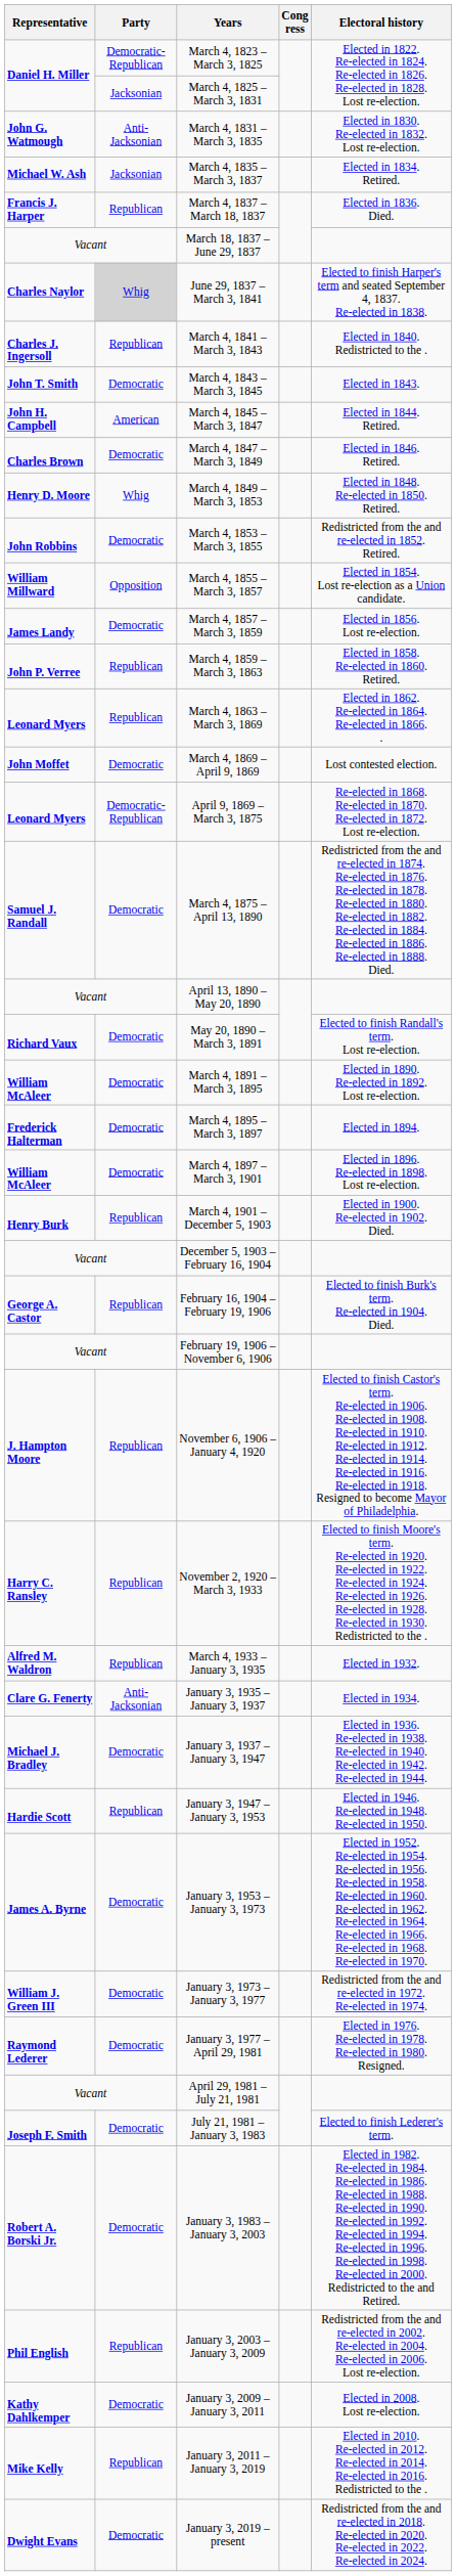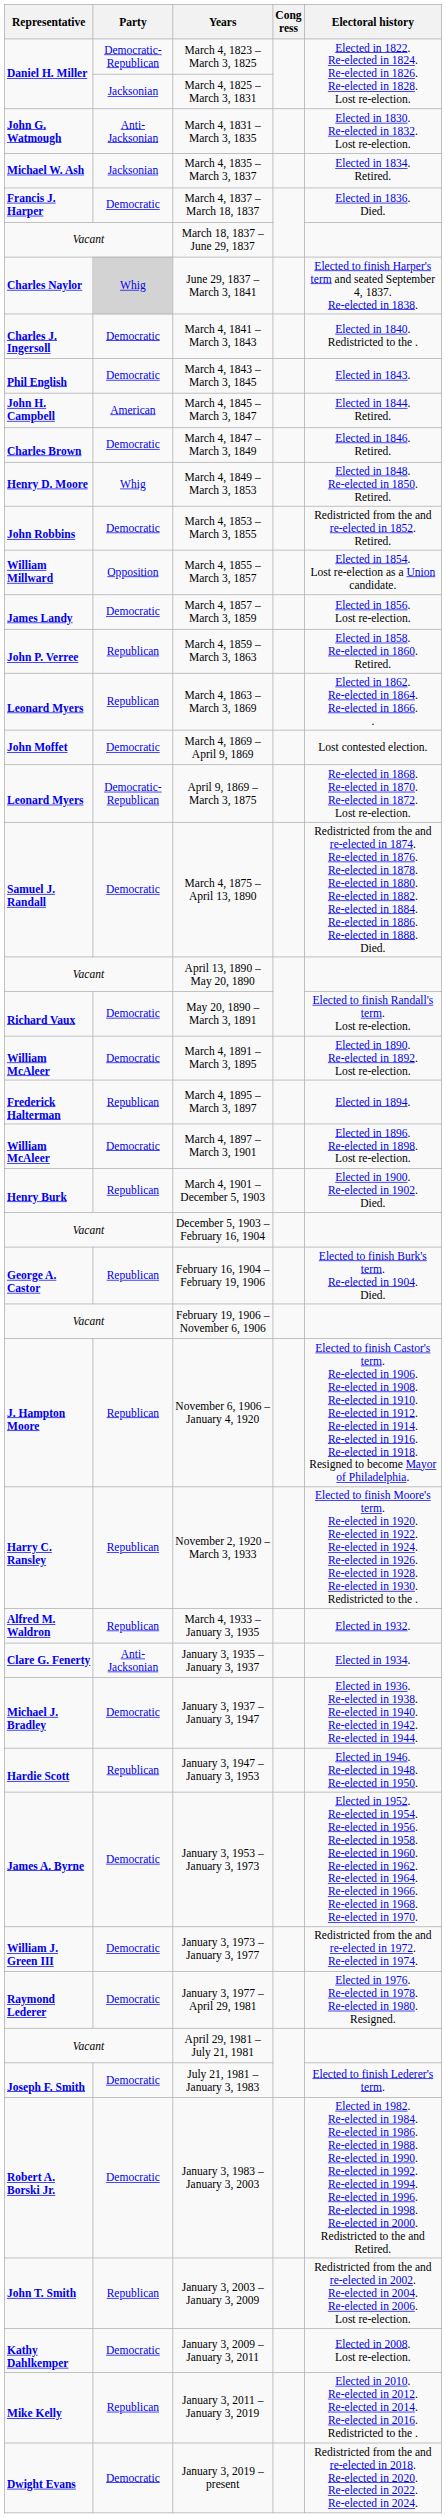 <table class=wikitable style="text-align:center">
 <tr style="height:3em">
 <th>Representative</th>
 <th>Party</th>
 <th>Years</th>
 <th>Cong<br>ress</th>
 <th>Electoral history</th>
 </tr>
 <tr style="height:3em">
 <td rowspan=2 align=left><strong><a href='#'>Daniel H. Miller</a></strong><br></td>
 <td><a href='#'>Democratic-Republican</a></td>
 <td nowrap>March 4, 1823 –<br>March 3, 1825</td>
 <td rowspan=2></td>
 <td rowspan=2><a href='#'>Elected in 1822</a>.<br><a href='#'>Re-elected in 1824</a>.<br><a href='#'>Re-elected in 1826</a>.<br><a href='#'>Re-elected in 1828</a>.<br>Lost re-election.</td>
 </tr>
 <tr style="height:3em">
 <td><a href='#'>Jacksonian</a></td>
 <td nowrap>March 4, 1825 –<br>March 3, 1831</td>
 </tr>
 <tr style="height:3em">
 <td align=left><strong><a href='#'>John G. Watmough</a></strong><br></td>
 <td><a href='#'>Anti-Jacksonian</a></td>
 <td nowrap>March 4, 1831 –<br>March 3, 1835</td>
 <td></td>
 <td><a href='#'>Elected in 1830</a>.<br><a href='#'>Re-elected in 1832</a>.<br>Lost re-election.</td>
 </tr>
 <tr style="height:3em">
 <td align=left><strong><a href='#'>Michael W. Ash</a></strong><br></td>
 <td><a href='#'>Jacksonian</a></td>
 <td nowrap>March 4, 1835 –<br>March 3, 1837</td>
 <td></td>
 <td><a href='#'>Elected in 1834</a>.<br>Retired.</td>
 </tr>
 <tr style="height:3em">
 <td align=left><strong><a href='#'>Francis J. Harper</a></strong><br></td>
-<td><a href='#'>Republican</a></td>
+<td><a href='#'>Democratic</a></td>
 <td nowrap>March 4, 1837 –<br>March 18, 1837</td>
 <td rowspan=2></td>
 <td><a href='#'>Elected in 1836</a>.<br>Died.</td>
 </tr>
 <tr style="height:3em">
 <td colspan=2><em>Vacant</em></td>
 <td nowrap>March 18, 1837 –<br>June 29, 1837</td>
 <td></td>
 </tr>
 <tr style="height:3em">
 <td align=left><strong><a href='#'>Charles Naylor</a></strong><br></td>
 <td style="background: lightgrey;"><a href='#'>Whig</a></td>
 <td nowrap>June 29, 1837 –<br>March 3, 1841</td>
 <td></td>
 <td><a href='#'>Elected to finish Harper's term</a> and seated September 4, 1837.<br><a href='#'>Re-elected in 1838</a>.<br></td>
 </tr>
 <tr style="height:3em">
 <td align=left><br><strong><a href='#'>Charles J. Ingersoll</a></strong><br></td>
-<td><a href='#'>Republican</a></td>
+<td><a href='#'>Democratic</a></td>
 <td nowrap>March 4, 1841 –<br>March 3, 1843</td>
 <td></td>
 <td><a href='#'>Elected in 1840</a>.<br>Redistricted to the .</td>
 </tr>
 <tr style="height:3em">
-<td align=left><strong><a href='#'>John T. Smith</a></strong><br></td>
+<td align=left><br><strong><a href='#'>Phil English</a></strong><br></td>
 <td><a href='#'>Democratic</a></td>
 <td nowrap>March 4, 1843 –<br>March 3, 1845</td>
 <td></td>
 <td><a href='#'>Elected in 1843</a>.<br></td>
 </tr>
 <tr style="height:3em">
 <td align=left><strong><a href='#'>John H. Campbell</a></strong><br></td>
 <td><a href='#'>American</a></td>
 <td nowrap>March 4, 1845 –<br>March 3, 1847</td>
 <td></td>
 <td><a href='#'>Elected in 1844</a>.<br>Retired.</td>
 </tr>
 <tr style="height:3em">
 <td align=left><br> <strong><a href='#'>Charles Brown</a></strong><br></td>
 <td><a href='#'>Democratic</a></td>
 <td nowrap>March 4, 1847 –<br>March 3, 1849</td>
 <td></td>
 <td><a href='#'>Elected in 1846</a>.<br>Retired.</td>
 </tr>
 <tr style="height:3em">
 <td align=left><strong><a href='#'>Henry D. Moore</a></strong><br></td>
 <td><a href='#'>Whig</a></td>
 <td nowrap>March 4, 1849 –<br>March 3, 1853</td>
 <td></td>
 <td><a href='#'>Elected in 1848</a>.<br><a href='#'>Re-elected in 1850</a>.<br>Retired.</td>
 </tr>
 <tr style="height:3em">
 <td align=left><br><strong><a href='#'>John Robbins</a></strong><br></td>
 <td><a href='#'>Democratic</a></td>
 <td nowrap>March 4, 1853 –<br>March 3, 1855</td>
 <td></td>
 <td>Redistricted from the  and <a href='#'>re-elected in 1852</a>.<br>Retired.</td>
 </tr>
 <tr style="height:3em">
 <td align=left><strong><a href='#'>William Millward</a></strong><br></td>
 <td><a href='#'>Opposition</a></td>
 <td nowrap>March 4, 1855 –<br>March 3, 1857</td>
 <td></td>
 <td><a href='#'>Elected in 1854</a>.<br>Lost re-election as a <a href='#'>Union</a> candidate.</td>
 </tr>
 <tr style="height:3em">
 <td align=left><br><strong><a href='#'>James Landy</a></strong><br></td>
 <td><a href='#'>Democratic</a></td>
 <td nowrap>March 4, 1857 –<br>March 3, 1859</td>
 <td></td>
 <td><a href='#'>Elected in 1856</a>.<br>Lost re-election.</td>
 </tr>
 <tr style="height:3em">
 <td align=left><br><strong><a href='#'>John P. Verree</a></strong><br></td>
 <td><a href='#'>Republican</a></td>
 <td nowrap>March 4, 1859 –<br>March 3, 1863</td>
 <td></td>
 <td><a href='#'>Elected in 1858</a>.<br><a href='#'>Re-elected in 1860</a>.<br>Retired.</td>
 </tr>
 <tr style="height:3em">
 <td align=left><br><strong><a href='#'>Leonard Myers</a></strong><br></td>
 <td><a href='#'>Republican</a></td>
 <td nowrap>March 4, 1863 –<br>March 3, 1869</td>
 <td></td>
 <td><a href='#'>Elected in 1862</a>.<br><a href='#'>Re-elected in 1864</a>.<br><a href='#'>Re-elected in 1866</a>.<br>.</td>
 </tr>
 <tr style="height:3em">
 <td align=left><strong><a href='#'>John Moffet</a></strong><br></td>
 <td><a href='#'>Democratic</a></td>
 <td nowrap>March 4, 1869 –<br>April 9, 1869</td>
 <td></td>
 <td>Lost contested election.</td>
 </tr>
 <tr style="height:3em">
 <td align=left><br><strong><a href='#'>Leonard Myers</a></strong><br></td>
 <td><a href='#'>Democratic-Republican</a></td>
 <td nowrap>April 9, 1869 –<br>March 3, 1875</td>
 <td></td>
 <td><a href='#'>Re-elected in 1868</a>.<br><a href='#'>Re-elected in 1870</a>.<br><a href='#'>Re-elected in 1872</a>.<br>Lost re-election.</td>
 </tr>
 <tr style="height:3em">
 <td align=left><br><strong><a href='#'>Samuel J. Randall</a></strong><br></td>
 <td><a href='#'>Democratic</a></td>
 <td nowrap>March 4, 1875 –<br>April 13, 1890</td>
 <td></td>
 <td>Redistricted from the  and <a href='#'>re-elected in 1874</a>.<br><a href='#'>Re-elected in 1876</a>.<br><a href='#'>  Re-elected in 1878</a>.<br><a href='#'>Re-elected in 1880</a>.<br><a href='#'>Re-elected in 1882</a>.<br><a href='#'>Re-elected in 1884</a>.<br><a href='#'>Re-elected in 1886</a>.<br><a href='#'>Re-elected in 1888</a>.<br>Died.</td>
 </tr>
 <tr style="height:3em">
 <td colspan=2><em>Vacant</em></td>
 <td nowrap>April 13, 1890 –<br>May 20, 1890</td>
 <td rowspan=2></td>
 <td></td>
 </tr>
 <tr style="height:3em">
 <td align=left><br><strong><a href='#'>Richard Vaux</a></strong><br></td>
 <td><a href='#'>Democratic</a></td>
 <td nowrap>May 20, 1890 –<br>March 3, 1891</td>
 <td><a href='#'>Elected to finish Randall's term</a>.<br>Lost re-election.</td>
 </tr>
 <tr style="height:3em">
 <td align=left><br><strong><a href='#'>William McAleer</a></strong><br></td>
 <td><a href='#'>Democratic</a></td>
 <td nowrap>March 4, 1891 –<br>March 3, 1895</td>
 <td></td>
 <td><a href='#'>Elected in 1890</a>.<br><a href='#'>Re-elected in 1892</a>.<br>Lost re-election.</td>
 </tr>
 <tr style="height:3em">
 <td align=left><br><strong><a href='#'>Frederick Halterman</a></strong><br></td>
-<td><a href='#'>Democratic</a></td>
+<td><a href='#'>Republican</a></td>
 <td nowrap>March 4, 1895 –<br>March 3, 1897</td>
 <td></td>
 <td><a href='#'>Elected in 1894</a>.<br></td>
 </tr>
 <tr style="height:3em">
 <td align=left><br><strong><a href='#'>William McAleer</a></strong><br></td>
 <td><a href='#'>Democratic</a></td>
 <td nowrap>March 4, 1897 –<br>March 3, 1901</td>
 <td></td>
 <td><a href='#'>Elected in 1896</a>.<br><a href='#'>Re-elected in 1898</a>.<br>Lost re-election.</td>
 </tr>
 <tr style="height:3em">
 <td align=left><br><strong><a href='#'>Henry Burk</a></strong><br></td>
 <td><a href='#'>Republican</a></td>
 <td nowrap>March 4, 1901 –<br>December 5, 1903</td>
 <td></td>
 <td><a href='#'>Elected in 1900</a>.<br><a href='#'>Re-elected in 1902</a>.<br>Died.</td>
 </tr>
 <tr style="height:3em">
 <td colspan=2><em>Vacant</em></td>
 <td nowrap>December 5, 1903 –<br>February 16, 1904</td>
 <td></td>
 <td></td>
 </tr>
 <tr style="height:3em">
 <td align=left><br><strong><a href='#'>George A. Castor</a></strong><br></td>
 <td><a href='#'>Republican</a></td>
 <td nowrap>February 16, 1904 –<br>February 19, 1906</td>
 <td></td>
 <td><a href='#'>Elected to finish Burk's term</a>.<br><a href='#'>Re-elected in 1904</a>.<br>Died.</td>
 </tr>
 <tr style="height:3em">
 <td colspan=2><em>Vacant</em></td>
 <td nowrap>February 19, 1906 –<br>November 6, 1906</td>
 <td></td>
 <td></td>
 </tr>
 <tr style="height:3em">
 <td align=left><br><strong><a href='#'>J. Hampton Moore</a></strong><br></td>
 <td><a href='#'>Republican</a></td>
 <td nowrap>November 6, 1906 –<br>January 4, 1920</td>
 <td></td>
 <td><a href='#'>Elected to finish Castor's term</a>.<br><a href='#'>Re-elected in 1906</a>.<br><a href='#'>Re-elected in 1908</a>.<br><a href='#'>Re-elected in 1910</a>.<br><a href='#'>Re-elected in 1912</a>.<br><a href='#'>Re-elected in 1914</a>.<br><a href='#'>Re-elected in 1916</a>.<br><a href='#'>Re-elected in 1918</a>.<br>Resigned to become <a href='#'>Mayor of Philadelphia</a>.</td>
 </tr>
 <tr style="height:3em">
 <td align=left><br><strong><a href='#'>Harry C. Ransley</a></strong><br></td>
 <td><a href='#'>Republican</a></td>
 <td nowrap>November 2, 1920 –<br>March 3, 1933</td>
 <td></td>
 <td><a href='#'>Elected to finish Moore's term</a>.<br><a href='#'>Re-elected in 1920</a>.<br><a href='#'>Re-elected in 1922</a>.<br><a href='#'>Re-elected in 1924</a>.<br><a href='#'>Re-elected in 1926</a>.<br><a href='#'>Re-elected in 1928</a>.<br><a href='#'>Re-elected in 1930</a>.<br>Redistricted to the .</td>
 </tr>
 <tr style="height:3em">
 <td align=left><strong><a href='#'>Alfred M. Waldron</a></strong><br></td>
 <td><a href='#'>Republican</a></td>
 <td nowrap>March 4, 1933 –<br>January 3, 1935</td>
 <td></td>
 <td><a href='#'>Elected in 1932</a>.<br></td>
 </tr>
 <tr style="height:3em">
 <td align=left><strong><a href='#'>Clare G. Fenerty</a></strong><br></td>
 <td><a href='#'>Anti-Jacksonian</a></td>
 <td nowrap>January 3, 1935 –<br>January 3, 1937</td>
 <td></td>
 <td><a href='#'>Elected in 1934</a>.<br></td>
 </tr>
 <tr style="height:3em">
 <td align=left><br><strong><a href='#'>Michael J. Bradley</a></strong><br></td>
 <td><a href='#'>Democratic</a></td>
 <td nowrap>January 3, 1937 –<br>January 3, 1947</td>
 <td></td>
 <td><a href='#'>Elected in 1936</a>.<br><a href='#'>Re-elected in 1938</a>.<br><a href='#'>Re-elected in 1940</a>.<br><a href='#'>  Re-elected in 1942</a>.<br><a href='#'>Re-elected in 1944</a>.<br></td>
 </tr>
 <tr style="height:3em">
 <td align=left><br><strong><a href='#'>Hardie Scott</a></strong><br></td>
 <td><a href='#'>Republican</a></td>
 <td nowrap>January 3, 1947 –<br>January 3, 1953</td>
 <td></td>
 <td><a href='#'>Elected in 1946</a>.<br><a href='#'>Re-elected in 1948</a>.<br><a href='#'>Re-elected in 1950</a>.<br></td>
 </tr>
 <tr style="height:3em">
 <td align=left><br><strong><a href='#'>James A. Byrne</a></strong><br></td>
 <td><a href='#'>Democratic</a></td>
 <td nowrap>January 3, 1953 –<br>January 3, 1973</td>
 <td></td>
 <td><a href='#'>Elected in 1952</a>.<br><a href='#'>Re-elected in 1954</a>.<br><a href='#'>Re-elected in 1956</a>.<br><a href='#'>Re-elected in 1958</a>.<br><a href='#'>Re-elected in 1960</a>.<br><a href='#'>Re-elected in 1962</a>.<br><a href='#'>Re-elected in 1964</a>.<br><a href='#'>Re-elected in 1966</a>.<br><a href='#'>Re-elected in 1968</a>.<br><a href='#'>Re-elected in 1970</a>.<br></td>
 </tr>
 <tr style="height:3em">
 <td align=left><br><strong><a href='#'>William J. Green III</a></strong><br></td>
 <td><a href='#'>Democratic</a></td>
 <td nowrap>January 3, 1973 –<br>January 3, 1977</td>
 <td></td>
 <td>Redistricted from the  and <a href='#'>re-elected in 1972</a>.<br><a href='#'>Re-elected in 1974</a>.<br></td>
 </tr>
 <tr style="height:3em">
 <td align=left><br><strong><a href='#'>Raymond Lederer</a></strong><br></td>
 <td><a href='#'>Democratic</a></td>
 <td nowrap>January 3, 1977 –<br>April 29, 1981</td>
 <td></td>
 <td><a href='#'>Elected in 1976</a>.<br><a href='#'>Re-elected in 1978</a>.<br><a href='#'>Re-elected in 1980</a>.<br>Resigned.</td>
 </tr>
 <tr style="height:3em">
 <td colspan=2><em>Vacant</em></td>
 <td nowrap>April 29, 1981 –<br>July 21, 1981</td>
 <td rowspan=2></td>
 <td></td>
 </tr>
 <tr style="height:3em">
 <td align=left> <br><strong><a href='#'>Joseph F. Smith</a></strong><br></td>
 <td><a href='#'>Democratic</a></td>
 <td nowrap>July 21, 1981 –<br>January 3, 1983</td>
 <td><a href='#'>Elected to finish Lederer's term</a>.<br></td>
 </tr>
 <tr style="height:3em">
 <td align=left><br><strong><a href='#'>Robert A. Borski Jr.</a></strong><br></td>
 <td><a href='#'>Democratic</a></td>
 <td nowrap>January 3, 1983 –<br>January 3, 2003</td>
 <td></td>
 <td><a href='#'>Elected in 1982</a>.<br><a href='#'>Re-elected in 1984</a>.<br><a href='#'>Re-elected in 1986</a>.<br><a href='#'>Re-elected in 1988</a>.<br><a href='#'>Re-elected in 1990</a>.<br><a href='#'>Re-elected in 1992</a>.<br><a href='#'>Re-elected in 1994</a>.<br><a href='#'>Re-elected in 1996</a>.<br><a href='#'>Re-elected in 1998</a>.<br><a href='#'>Re-elected in 2000</a>.<br>Redistricted to the  and Retired.</td>
 </tr>
 <tr style="height:3em">
-<td align=left><br><strong><a href='#'>Phil English</a></strong><br></td>
+<td align=left><strong><a href='#'>John T. Smith</a></strong><br></td>
 <td><a href='#'>Republican</a></td>
 <td nowrap>January 3, 2003 –<br>January 3, 2009</td>
 <td></td>
 <td>Redistricted from the  and <a href='#'>re-elected in 2002</a>.<br><a href='#'>Re-elected in 2004</a>.<br><a href='#'>Re-elected in 2006</a>.<br>Lost re-election.</td>
 </tr>
 <tr style="height:3em">
 <td align=left><br><strong><a href='#'>Kathy Dahlkemper</a></strong><br></td>
 <td><a href='#'>Democratic</a></td>
 <td nowrap>January 3, 2009 –<br>January 3, 2011</td>
 <td></td>
 <td><a href='#'>Elected in 2008</a>.<br>Lost re-election.</td>
 </tr>
 <tr style="height:3em">
 <td align=left><br><strong><a href='#'>Mike Kelly</a></strong><br></td>
 <td><a href='#'>Republican</a></td>
 <td nowrap>January 3, 2011 –<br>January 3, 2019</td>
 <td></td>
 <td><a href='#'>Elected in 2010</a>.<br><a href='#'>Re-elected in 2012</a>.<br><a href='#'>Re-elected in 2014</a>.<br><a href='#'>Re-elected in 2016</a>.<br>Redistricted to the .</td>
 </tr>
 <tr style="height:3em">
 <td align=left><br><strong><a href='#'>Dwight Evans</a></strong><br></td>
 <td><a href='#'>Democratic</a></td>
 <td nowrap>January 3, 2019 –<br>present</td>
 <td></td>
 <td>Redistricted from the  and <a href='#'>re-elected in 2018</a>.<br><a href='#'>Re-elected in 2020</a>.<br><a href='#'>Re-elected in 2022</a>.<br><a href='#'>Re-elected in 2024</a>.</td>
 </tr>
 </table>
